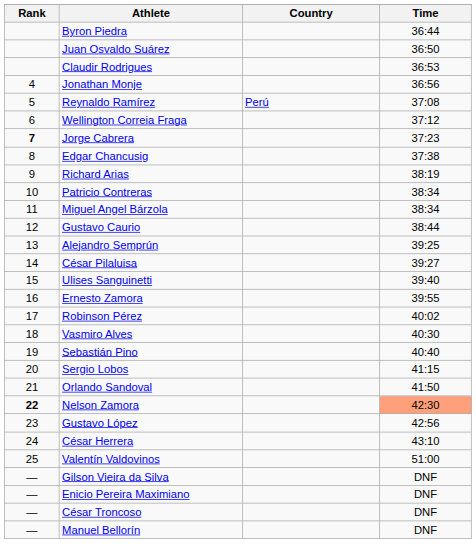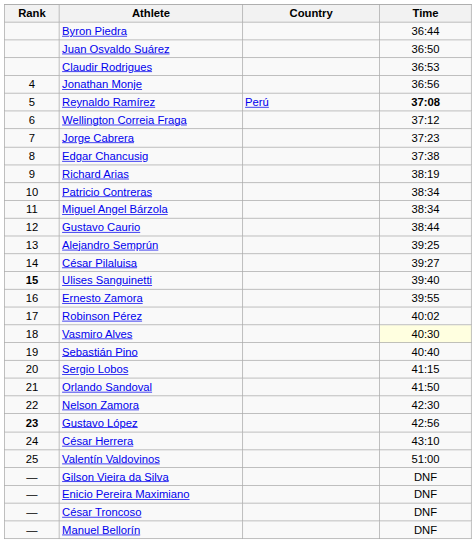 <table class="wikitable sortable" style=" text-align:center; font-size:95%;" width="50%">
 <tr>
 </tr>
 <tr>
 <th width=5%>Rank</th>
 <th width=20%>Athlete</th>
 <th width=15%>Country</th>
 <th width=10%>Time</th>
 </tr>
 <tr>
 <td align=center></td>
 <td align=left><a href='#'>Byron Piedra</a></td>
 <td align=left></td>
 <td>36:44</td>
 </tr>
 <tr>
 <td align=center></td>
 <td align=left><a href='#'>Juan Osvaldo Suárez</a></td>
 <td align=left></td>
 <td>36:50</td>
 </tr>
 <tr>
 <td align=center></td>
 <td align=left><a href='#'>Claudir Rodrigues</a></td>
 <td align=left></td>
 <td>36:53</td>
 </tr>
 <tr>
 <td align=center>4</td>
 <td align=left><a href='#'>Jonathan Monje</a></td>
 <td align=left></td>
 <td>36:56</td>
 </tr>
 <tr>
 <td align=center>5</td>
 <td align=left><a href='#'>Reynaldo Ramírez</a></td>
 <td align=left> <a href='#'>Perú</a></td>
-<td>37:08</td>
+<td><strong>37:08</strong></td>
 </tr>
 <tr>
 <td align=center>6</td>
 <td align=left><a href='#'>Wellington Correia Fraga</a></td>
 <td align=left></td>
 <td>37:12</td>
 </tr>
 <tr>
-<td align=center><strong>7</strong></td>
+<td align=center>7</td>
 <td align=left><a href='#'>Jorge Cabrera</a></td>
 <td align=left></td>
 <td>37:23</td>
 </tr>
 <tr>
 <td align=center>8</td>
 <td align=left><a href='#'>Edgar Chancusig</a></td>
 <td align=left></td>
 <td>37:38</td>
 </tr>
 <tr>
 <td align=center>9</td>
 <td align=left><a href='#'>Richard Arias</a></td>
 <td align=left></td>
 <td>38:19</td>
 </tr>
 <tr>
 <td align=center>10</td>
 <td align=left><a href='#'>Patricio Contreras</a></td>
 <td align=left></td>
 <td>38:34</td>
 </tr>
 <tr>
 <td align=center>11</td>
 <td align=left><a href='#'>Miguel Angel Bárzola</a></td>
 <td align=left></td>
 <td>38:34</td>
 </tr>
 <tr>
 <td align=center>12</td>
 <td align=left><a href='#'>Gustavo Caurio</a></td>
 <td align=left></td>
 <td>38:44</td>
 </tr>
 <tr>
 <td align=center>13</td>
 <td align=left><a href='#'>Alejandro Semprún</a></td>
 <td align=left></td>
 <td>39:25</td>
 </tr>
 <tr>
 <td align=center>14</td>
 <td align=left><a href='#'>César Pilaluisa</a></td>
 <td align=left></td>
 <td>39:27</td>
 </tr>
 <tr>
-<td align=center>15</td>
+<td align=center><strong>15</strong></td>
 <td align=left><a href='#'>Ulises Sanguinetti</a></td>
 <td align=left></td>
 <td>39:40</td>
 </tr>
 <tr>
 <td align=center>16</td>
 <td align=left><a href='#'>Ernesto Zamora</a></td>
 <td align=left></td>
 <td>39:55</td>
 </tr>
 <tr>
 <td align=center>17</td>
 <td align=left><a href='#'>Robinson Pérez</a></td>
 <td align=left></td>
 <td>40:02</td>
 </tr>
 <tr>
 <td align=center>18</td>
 <td align=left><a href='#'>Vasmiro Alves</a></td>
 <td align=left></td>
-<td>40:30</td>
+<td style="background: lightyellow;">40:30</td>
 </tr>
 <tr>
 <td align=center>19</td>
 <td align=left><a href='#'>Sebastián Pino</a></td>
 <td align=left></td>
 <td>40:40</td>
 </tr>
 <tr>
 <td align=center>20</td>
 <td align=left><a href='#'>Sergio Lobos</a></td>
 <td align=left></td>
 <td>41:15</td>
 </tr>
 <tr>
 <td align=center>21</td>
 <td align=left><a href='#'>Orlando Sandoval</a></td>
 <td align=left></td>
 <td>41:50</td>
 </tr>
 <tr>
-<td align=center><strong>22</strong></td>
+<td align=center>22</td>
 <td align=left><a href='#'>Nelson Zamora</a></td>
 <td align=left></td>
-<td style="background: lightsalmon;">42:30</td>
+<td>42:30</td>
 </tr>
 <tr>
-<td align=center>23</td>
+<td align=center><strong>23</strong></td>
 <td align=left><a href='#'>Gustavo López</a></td>
 <td align=left></td>
 <td>42:56</td>
 </tr>
 <tr>
 <td align=center>24</td>
 <td align=left><a href='#'>César Herrera</a></td>
 <td align=left></td>
 <td>43:10</td>
 </tr>
 <tr>
 <td align=center>25</td>
 <td align=left><a href='#'>Valentín Valdovinos</a></td>
 <td align=left></td>
 <td>51:00</td>
 </tr>
 <tr>
 <td align=center>—</td>
 <td align=left><a href='#'>Gilson Vieira da Silva</a></td>
 <td align=left></td>
 <td>DNF</td>
 </tr>
 <tr>
 <td align=center>—</td>
 <td align=left><a href='#'>Enicio Pereira Maximiano</a></td>
 <td align=left></td>
 <td>DNF</td>
 </tr>
 <tr>
 <td align=center>—</td>
 <td align=left><a href='#'>César Troncoso</a></td>
 <td align=left></td>
 <td>DNF</td>
 </tr>
 <tr>
 <td align=center>—</td>
 <td align=left><a href='#'>Manuel Bellorín</a></td>
 <td align=left></td>
 <td>DNF</td>
 </tr>
 </table>
